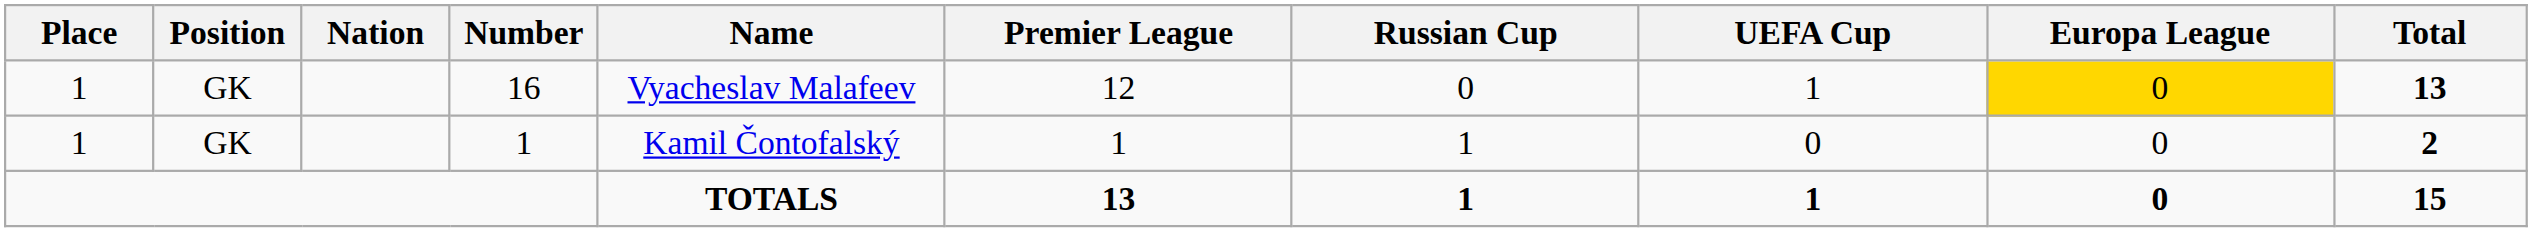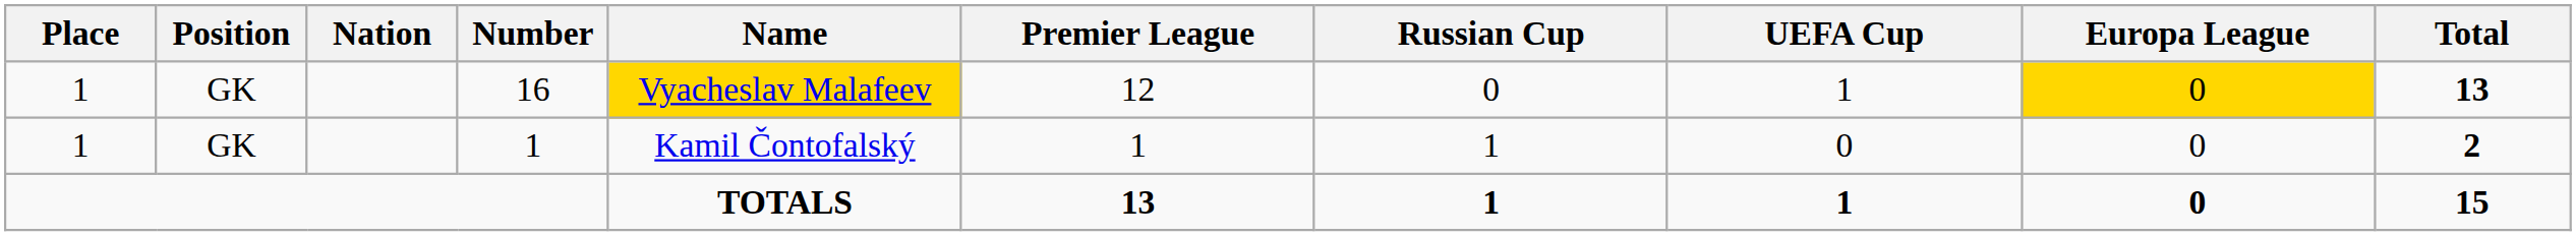 <table class="wikitable" style="font-size: 95%; text-align: center;">
 <tr>
 <th width=60>Place</th>
 <th width=60>Position</th>
 <th width=60>Nation</th>
 <th width=60>Number</th>
 <th width=150>Name</th>
 <th width=150>Premier League</th>
 <th width=150>Russian Cup</th>
 <th width=150>UEFA Cup</th>
 <th width=150>Europa League</th>
 <th width=80><strong>Total</strong></th>
 </tr>
 <tr>
 <td>1</td>
 <td>GK</td>
 <td></td>
 <td>16</td>
-<td><a href='#'>Vyacheslav Malafeev</a></td>
+<td style="background: gold;"><a href='#'>Vyacheslav Malafeev</a></td>
 <td>12</td>
 <td>0</td>
 <td>1</td>
 <td style="background: gold;">0</td>
 <td><strong>13</strong></td>
 </tr>
 <tr>
 <td>1</td>
 <td>GK</td>
 <td></td>
 <td>1</td>
 <td><a href='#'>Kamil Čontofalský</a></td>
 <td>1</td>
 <td>1</td>
 <td>0</td>
 <td>0</td>
 <td><strong>2</strong></td>
 </tr>
 <tr>
 <td colspan="4"></td>
 <td><strong>TOTALS</strong></td>
 <td><strong>13</strong></td>
 <td><strong>1</strong></td>
 <td><strong>1</strong></td>
 <td><strong>0</strong></td>
 <td><strong>15</strong></td>
 </tr>
 </table>
